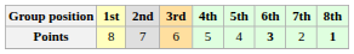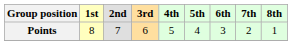 <table class="wikitable" style="font-size:85%; text-align:center">
 <tr>
 <th>Group position</th>
 <td style="background:#ffffbf;"> <strong>1st</strong> </td>
 <td style="background:#dfdfdf;"> <strong>2nd</strong> </td>
 <td style="background:#ffdf9f;"> <strong>3rd</strong> </td>
 <td style="background:#dfffdf;"> <strong>4th</strong> </td>
 <td style="background:#dfffdf;"> <strong>5th</strong> </td>
 <td style="background:#dfffdf;"> <strong>6th</strong> </td>
 <td style="background:#dfffdf;"> <strong>7th</strong> </td>
 <td style="background:#dfffdf;"> <strong>8th</strong> </td>
 </tr>
 <tr>
 <th>Points</th>
 <td style="background:#ffffbf;">8</td>
 <td style="background:#dfdfdf;">7</td>
 <td style="background:#ffdf9f;">6</td>
 <td style="background:#dfffdf;">5</td>
 <td style="background:#dfffdf;">4</td>
-<td style="background:#dfffdf;"><strong>3</strong></td>
+<td style="background:#dfffdf;">3</td>
 <td style="background:#dfffdf;">2</td>
-<td style="background:#dfffdf;"><strong>1</strong></td>
+<td style="background:#dfffdf;">1</td>
 </tr>
 <tr>
 </tr>
 </table>
